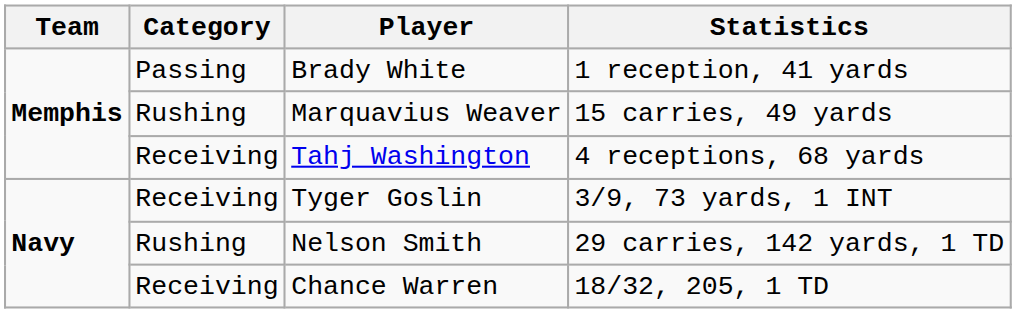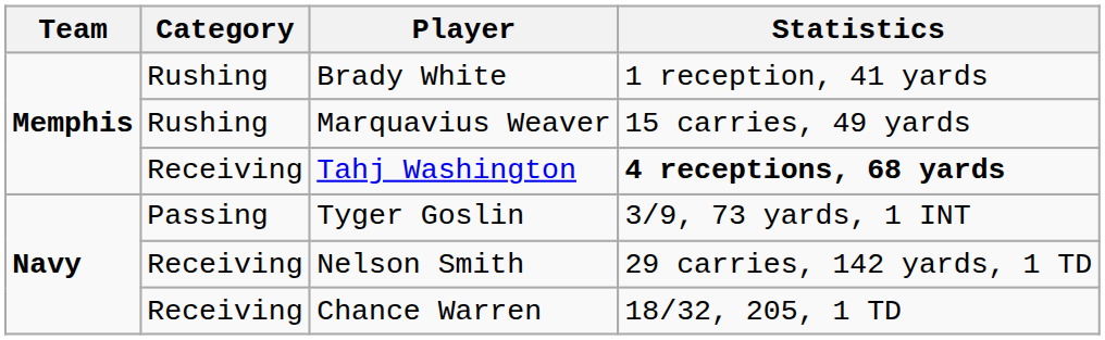 <table class="wikitable" style="float: left;">
 <tr>
 <th>Team</th>
 <th>Category</th>
 <th>Player</th>
 <th>Statistics</th>
 </tr>
 <tr>
 <td rowspan=3><strong>Memphis</strong></td>
-<td>Passing</td>
+<td>Rushing</td>
 <td>Brady White</td>
 <td>1 reception, 41 yards</td>
 </tr>
 <tr>
 <td>Rushing</td>
 <td>Marquavius Weaver</td>
 <td>15 carries, 49 yards</td>
 </tr>
 <tr>
 <td>Receiving</td>
 <td><a href='#'>Tahj Washington</a></td>
-<td>4 receptions, 68 yards</td>
+<td><strong>4 receptions, 68 yards</strong></td>
 </tr>
 <tr>
 <td rowspan=3><strong>Navy</strong></td>
-<td>Receiving</td>
+<td>Passing</td>
 <td>Tyger Goslin</td>
 <td>3/9, 73 yards, 1 INT</td>
 </tr>
 <tr>
-<td>Rushing</td>
+<td>Receiving</td>
 <td>Nelson Smith</td>
 <td>29 carries, 142 yards, 1 TD</td>
 </tr>
 <tr>
 <td>Receiving</td>
 <td>Chance Warren</td>
 <td>18/32, 205, 1 TD</td>
 </tr>
 </table>
